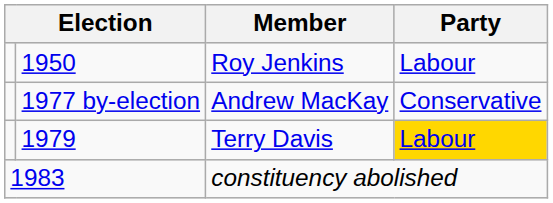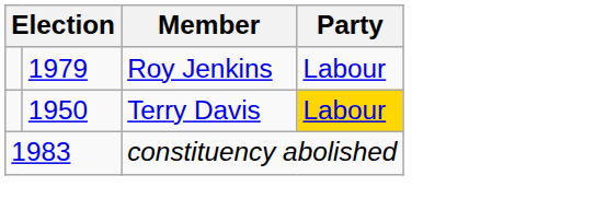 <table class="wikitable">
 <tr>
 <th colspan="2">Election</th>
 <th>Member</th>
 <th>Party</th>
 </tr>
 <tr>
 <td style="color:inherit;background-color: "></td>
-<td><a href='#'>1950</a></td>
+<td><a href='#'>1979</a></td>
 <td><a href='#'>Roy Jenkins</a></td>
 <td><a href='#'>Labour</a></td>
 </tr>
 <tr>
 <td style="color:inherit;background-color: "></td>
-<td><a href='#'>1977 by-election</a></td>
-<td><a href='#'>Andrew MacKay</a></td>
-<td><a href='#'>Conservative</a></td>
-</tr>
-<tr>
-<td style="color:inherit;background-color: "></td>
-<td><a href='#'>1979</a></td>
+<td><a href='#'>1950</a></td>
 <td><a href='#'>Terry Davis</a></td>
 <td style="background: gold;"><a href='#'>Labour</a></td>
 </tr>
 <tr>
 <td colspan="2" align="left"><a href='#'>1983</a></td>
 <td colspan="2"><em>constituency abolished</em></td>
 </tr>
 </table>
